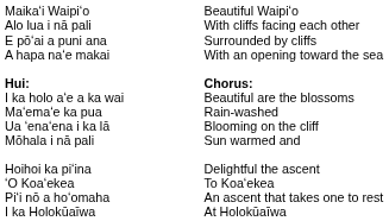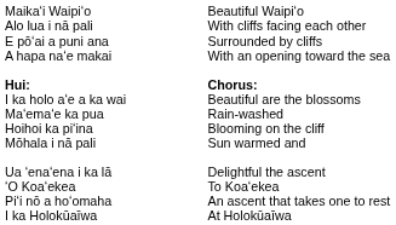 <table cellpadding=0 cellspacing=0>
 <tr>
 <td>Maikaʻi Waipiʻo</td>
 <td>Beautiful Waipiʻo</td>
 </tr>
 <tr>
 <td>Alo lua i nā pali</td>
 <td>With cliffs facing each other</td>
 </tr>
 <tr>
 <td>E pōʻai a puni ana</td>
 <td>Surrounded by cliffs</td>
 </tr>
 <tr>
 <td>A hapa naʻe makai</td>
 <td>With an opening toward the sea</td>
 </tr>
 <tr>
 <td width="250px"> </td>
 <td width="300px"> </td>
 </tr>
 <tr>
 <td><strong>Hui:</strong></td>
 <td><strong>Chorus:</strong></td>
 </tr>
 <tr>
 <td>I ka holo aʻe a ka wai</td>
 <td>Beautiful are the blossoms</td>
 </tr>
 <tr>
 <td>Maʻemaʻe ka pua</td>
 <td>Rain-washed</td>
 </tr>
 <tr>
-<td>Ua ʻenaʻena i ka lā</td>
+<td>Hoihoi ka piʻina</td>
 <td>Blooming on the cliff</td>
 </tr>
 <tr>
 <td>Mōhala i nā pali</td>
 <td>Sun warmed and</td>
 </tr>
 <tr>
 <td> </td>
 <td> </td>
 </tr>
 <tr>
-<td>Hoihoi ka piʻina</td>
+<td>Ua ʻenaʻena i ka lā</td>
 <td>Delightful the ascent</td>
 </tr>
 <tr>
 <td>ʻO Koaʻekea</td>
 <td>To Koaʻekea</td>
 </tr>
 <tr>
 <td>Piʻi nō a hoʻomaha</td>
 <td>An ascent that takes one to rest</td>
 </tr>
 <tr>
 <td>I ka Holokūaīwa</td>
 <td>At Holokūaīwa</td>
 </tr>
 </table>
